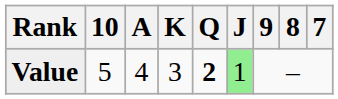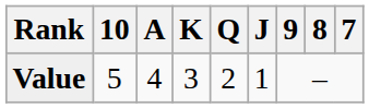 <table class="wikitable" align="right">
 <tr>
 <th>Rank</th>
 <th>10</th>
 <th>A</th>
 <th>K</th>
 <th>Q</th>
 <th>J</th>
 <th>9</th>
 <th>8</th>
 <th>7</th>
 </tr>
 <tr align="center">
 <td style="background:#efefef;"><strong>Value</strong></td>
 <td>5</td>
 <td>4</td>
 <td>3</td>
-<td><strong>2</strong></td>
-<td style="background: lightgreen;">1</td>
+<td>2</td>
+<td>1</td>
 <td colspan=3>–</td>
 </tr>
 </table>
